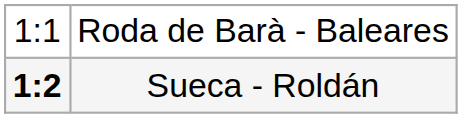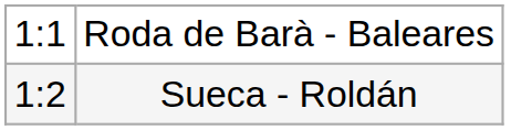 <table class="wikitable">
 <tr align=center bgcolor=white>
 <td>1:1</td>
 <td>Roda de Barà - Baleares</td>
 </tr>
 <tr align=center bgcolor=#F5F5F5>
-<td><strong>1:2</strong></td>
+<td>1:2</td>
 <td>Sueca - Roldán</td>
 </tr>
 </table>
